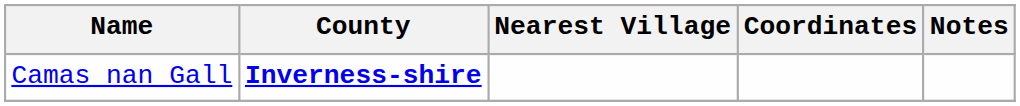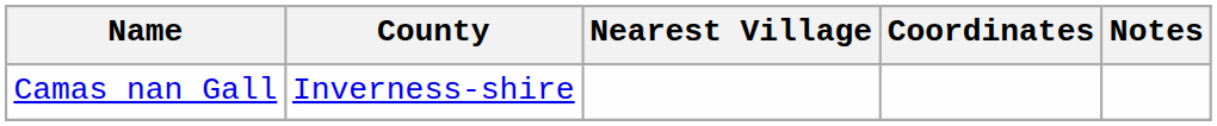 <table class="wikitable sortable" style="table-layout:fixed;background-color:#FEFEFE;font-size:95%;padding:0.30em;line-height:1.35em;">
 <tr>
 <th scope="col">Name</th>
 <th scope="col">County</th>
 <th scope="col">Nearest Village</th>
 <th scope="col" data-sort-type="number">Coordinates</th>
 <th scope="col">Notes</th>
 </tr>
 <tr>
 <td><a href='#'>Camas nan Gall</a></td>
-<td><strong><a href='#'>Inverness-shire</a></strong></td>
+<td><a href='#'>Inverness-shire</a></td>
 <td></td>
 <td></td>
 <td></td>
 </tr>
 <tr>
 </tr>
 </table>
